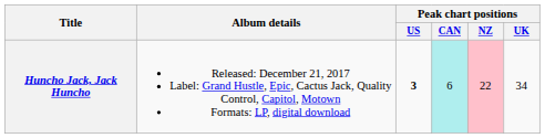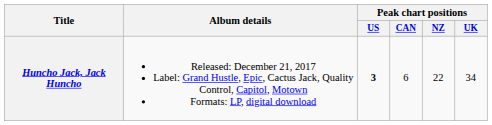 <table class="wikitable plainrowheaders" style="text-align:center;">
 <tr>
 <th scope="col" rowspan="2" style="width:11em;">Title</th>
 <th scope="col" rowspan="2" style="width:22em;">Album details</th>
 <th scope="col" colspan="4">Peak chart positions</th>
 </tr>
 <tr>
 <th scope="col" style="width:3em;font-size:90%;"><a href='#'>US</a><br></th>
 <th scope="col" style="width:3em;font-size:90%;"><a href='#'>CAN</a><br></th>
 <th scope="col" style="width:3em;font-size:90%;"><a href='#'>NZ</a><br></th>
 <th scope="col" style="width:3em;font-size:90%;"><a href='#'>UK</a><br></th>
 </tr>
 <tr>
 <th scope="row"><em><a href='#'>Huncho Jack, Jack Huncho</a></em></th>
 <td><br><ul><li>Released: December 21, 2017</li><li>Label: <a href='#'>Grand Hustle</a>, <a href='#'>Epic</a>, Cactus Jack, Quality Control, <a href='#'>Capitol</a>, <a href='#'>Motown</a></li><li>Formats: <a href='#'>LP</a>, <a href='#'>digital download</a></li></ul></td>
 <td><strong>3</strong></td>
-<td style="background: paleturquoise;">6</td>
-<td style="background: pink;">22</td>
+<td>6</td>
+<td>22</td>
 <td>34</td>
 </tr>
 </table>
